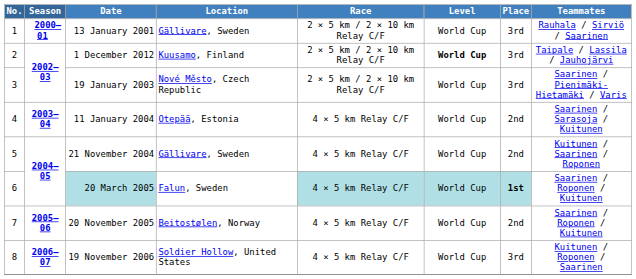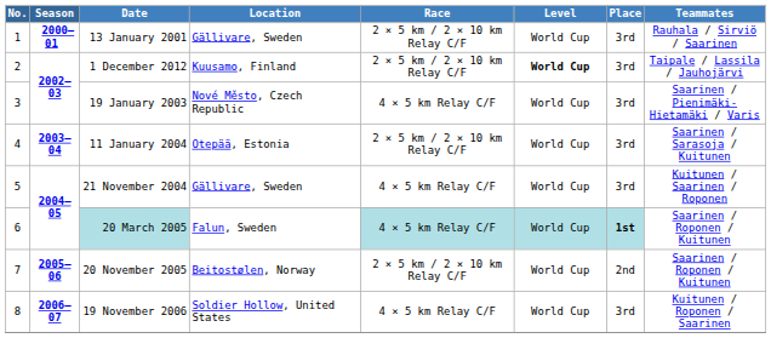 <table class="wikitable sortable" style="font-size:95%; text-align:center; border:grey solid 1px; border-collapse:collapse; background:#ffffff;">
 <tr style="background:#efefef;">
 <th style="background-color:#369; color:white;">No.</th>
 <th style="background-color:#369; color:white;">Season</th>
 <th style="background-color:#4180be; color:white; width:120px;">Date</th>
 <th style="background-color:#4180be; color:white; width:190px;">Location</th>
 <th style="background-color:#4180be; color:white; width:170px;">Race</th>
 <th style="background-color:#4180be; color:white; width:100px;">Level</th>
 <th style="background-color:#4180be; color:white;">Place</th>
 <th style="background-color:#4180be; color:white;">Teammates</th>
 </tr>
 <tr>
 <td align=center>1</td>
 <td rowspan=1 align=center><strong> <a href='#'>2000–01</a> </strong></td>
 <td align=right>13 January 2001</td>
 <td align=left> <a href='#'>Gällivare</a>, Sweden</td>
 <td>2 × 5 km / 2 × 10 km Relay C/F</td>
 <td>World Cup</td>
 <td>3rd</td>
 <td><a href='#'>Rauhala</a> / <a href='#'>Sirviö</a> / <a href='#'>Saarinen</a></td>
 </tr>
 <tr>
 <td align=center>2</td>
 <td rowspan=2 align=center><strong><a href='#'>2002–03</a></strong></td>
 <td align=right>1 December 2012</td>
 <td align=left> <a href='#'>Kuusamo</a>, Finland</td>
 <td>2 × 5 km / 2 × 10 km Relay C/F</td>
 <td><strong>World Cup</strong></td>
 <td>3rd</td>
 <td><a href='#'>Taipale</a> / <a href='#'>Lassila</a> / <a href='#'>Jauhojärvi</a></td>
 </tr>
 <tr>
 <td align=center>3</td>
 <td align=right>19 January 2003</td>
 <td align=left> <a href='#'>Nové Město</a>, Czech Republic</td>
-<td>2 × 5 km / 2 × 10 km Relay C/F</td>
+<td>4 × 5 km Relay C/F</td>
 <td>World Cup</td>
 <td>3rd</td>
 <td><a href='#'>Saarinen</a> / <a href='#'>Pienimäki-Hietamäki</a> / <a href='#'>Varis</a></td>
 </tr>
 <tr>
 <td align=center>4</td>
 <td rowspan=1 align=center><strong><a href='#'>2003–04</a></strong></td>
 <td align=right>11 January 2004</td>
 <td align=left> <a href='#'>Otepää</a>, Estonia</td>
-<td>4 × 5 km Relay C/F</td>
+<td>2 × 5 km / 2 × 10 km Relay C/F</td>
 <td>World Cup</td>
-<td>2nd</td>
+<td>3rd</td>
 <td><a href='#'>Saarinen</a> / <a href='#'>Sarasoja</a> / <a href='#'>Kuitunen</a></td>
 </tr>
 <tr>
 <td align=center>5</td>
 <td rowspan=2 align=center><strong><a href='#'>2004–05</a></strong></td>
 <td align=right>21 November 2004</td>
 <td align=left> <a href='#'>Gällivare</a>, Sweden</td>
 <td>4 × 5 km Relay C/F</td>
 <td>World Cup</td>
-<td>2nd</td>
+<td>3rd</td>
 <td><a href='#'>Kuitunen</a> / <a href='#'>Saarinen</a> / <a href='#'>Roponen</a></td>
 </tr>
 <tr>
 <td align=center>6</td>
 <td bgcolor="#BOEOE6" align=right>20 March 2005</td>
 <td align=left> <a href='#'>Falun</a>, Sweden</td>
 <td bgcolor="#BOEOE6">4 × 5 km Relay C/F</td>
 <td bgcolor="#BOEOE6">World Cup</td>
 <td bgcolor="#BOEOE6"><strong>1st</strong></td>
 <td><a href='#'>Saarinen</a> / <a href='#'>Roponen</a> / <a href='#'>Kuitunen</a></td>
 </tr>
 <tr>
 <td align=center>7</td>
 <td rowspan=1 align=center><strong><a href='#'>2005–06</a></strong></td>
 <td align=right>20 November 2005</td>
 <td align=left> <a href='#'>Beitostølen</a>, Norway</td>
-<td>4 × 5 km Relay C/F</td>
+<td>2 × 5 km / 2 × 10 km Relay C/F</td>
 <td>World Cup</td>
 <td>2nd</td>
 <td><a href='#'>Saarinen</a>  / <a href='#'>Roponen</a> / <a href='#'>Kuitunen</a></td>
 </tr>
 <tr>
 <td align=center>8</td>
 <td rowspan=1 align=center><strong><a href='#'>2006–07</a></strong></td>
 <td align=right>19 November 2006</td>
 <td align=left> <a href='#'>Soldier Hollow</a>, United States</td>
 <td>4 × 5 km Relay C/F</td>
 <td>World Cup</td>
 <td>3rd</td>
 <td><a href='#'>Kuitunen</a> / <a href='#'>Roponen</a> / <a href='#'>Saarinen</a></td>
 </tr>
 <tr>
 </tr>
 </table>
